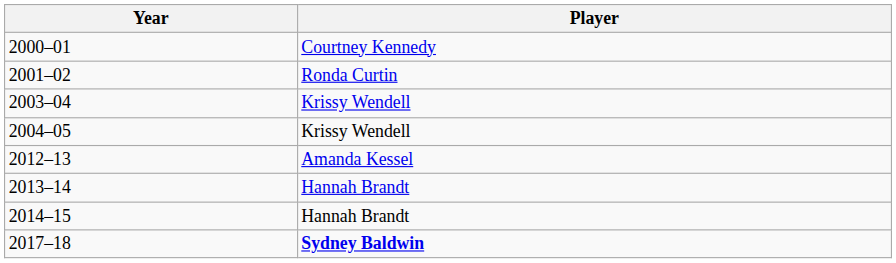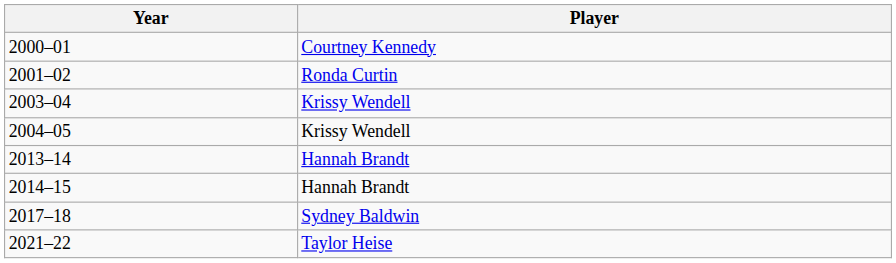 <table class="wikitable" style="width: 50em">
 <tr>
 <th>Year</th>
 <th>Player</th>
 </tr>
 <tr>
 <td>2000–01</td>
 <td><a href='#'>Courtney Kennedy</a></td>
 </tr>
 <tr>
 <td>2001–02</td>
 <td><a href='#'>Ronda Curtin</a></td>
 </tr>
 <tr>
 <td>2003–04</td>
 <td><a href='#'>Krissy Wendell</a></td>
 </tr>
 <tr>
 <td>2004–05</td>
 <td>Krissy Wendell</td>
 </tr>
 <tr>
-<td>2012–13</td>
-<td><a href='#'>Amanda Kessel</a></td>
-</tr>
-<tr>
 <td>2013–14</td>
 <td><a href='#'>Hannah Brandt</a></td>
 </tr>
 <tr>
 <td>2014–15</td>
 <td>Hannah Brandt</td>
 </tr>
 <tr>
 <td>2017–18</td>
-<td><strong><a href='#'>Sydney Baldwin</a></strong></td>
+<td><a href='#'>Sydney Baldwin</a></td>
+</tr>
+<tr>
+<td>2021–22</td>
+<td><a href='#'>Taylor Heise</a></td>
 </tr>
 </table>
